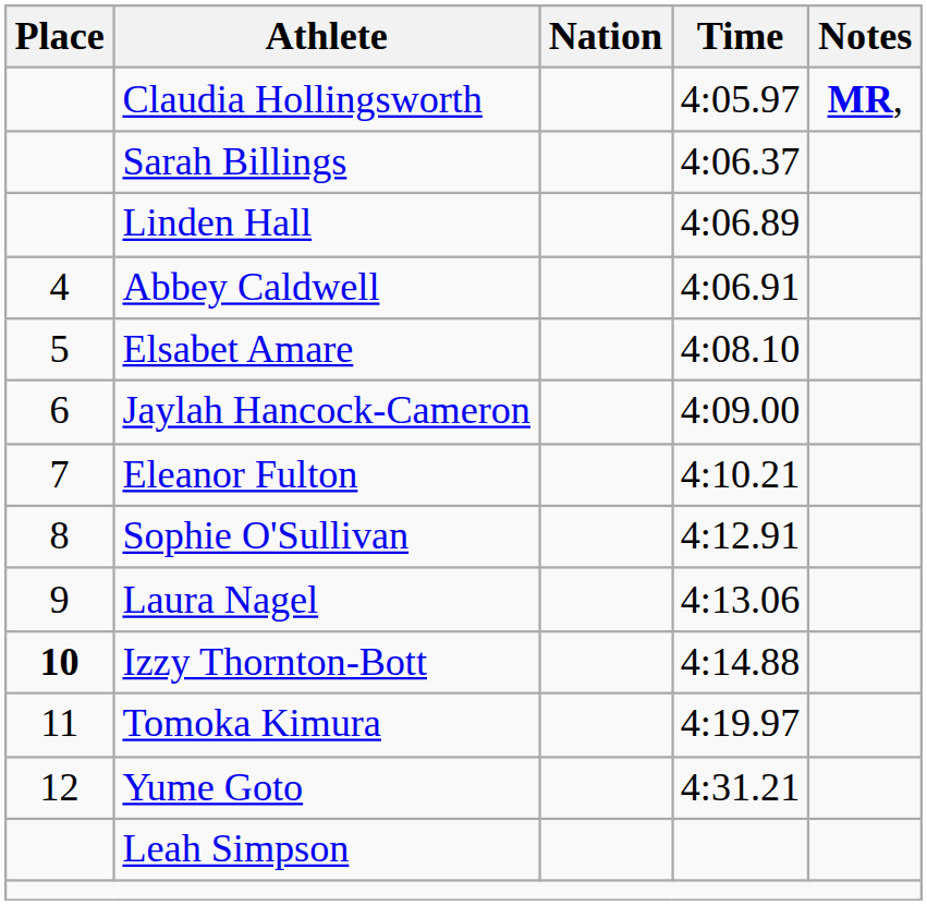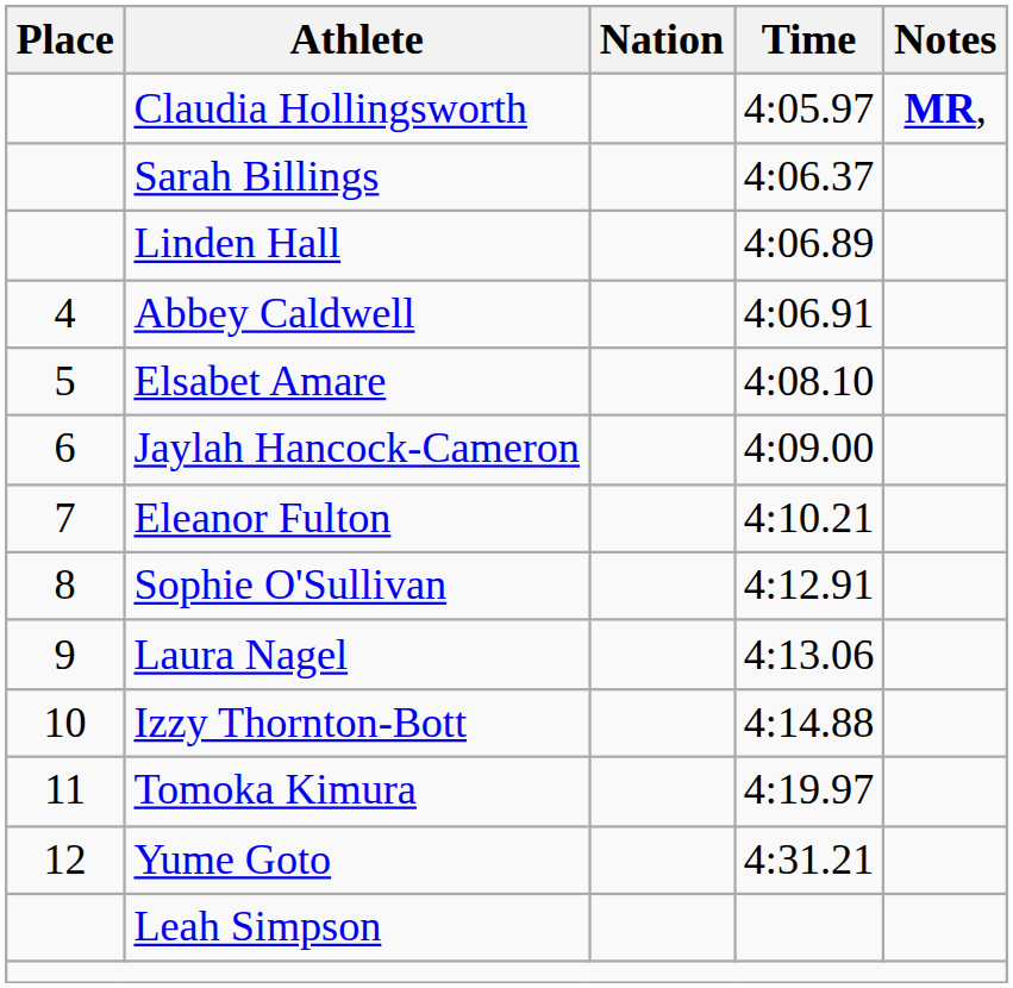 <table class="wikitable mw-datatable sortable" style="text-align:center;">
 <tr>
 <th scope="col">Place</th>
 <th scope="col">Athlete</th>
 <th scope="col">Nation</th>
 <th scope="col">Time</th>
 <th scope="col">Notes</th>
 </tr>
 <tr>
 <td></td>
 <td align="left"><a href='#'>Claudia Hollingsworth</a></td>
 <td align="left"></td>
 <td>4:05.97</td>
 <td><strong><a href='#'>MR</a></strong>, </td>
 </tr>
 <tr>
 <td></td>
 <td align="left"><a href='#'>Sarah Billings</a></td>
 <td align="left"></td>
 <td>4:06.37</td>
 <td></td>
 </tr>
 <tr>
 <td></td>
 <td align="left"><a href='#'>Linden Hall</a></td>
 <td align="left"></td>
 <td>4:06.89</td>
 <td></td>
 </tr>
 <tr>
 <td>4</td>
 <td align="left"><a href='#'>Abbey Caldwell</a></td>
 <td align="left"></td>
 <td>4:06.91</td>
 <td></td>
 </tr>
 <tr>
 <td>5</td>
 <td align="left"><a href='#'>Elsabet Amare</a></td>
 <td align="left"></td>
 <td>4:08.10</td>
 <td></td>
 </tr>
 <tr>
 <td>6</td>
 <td align="left"><a href='#'>Jaylah Hancock-Cameron</a></td>
 <td align="left"></td>
 <td>4:09.00</td>
 <td></td>
 </tr>
 <tr>
 <td>7</td>
 <td align="left"><a href='#'>Eleanor Fulton</a></td>
 <td align="left"></td>
 <td>4:10.21</td>
 <td></td>
 </tr>
 <tr>
 <td>8</td>
 <td align="left"><a href='#'>Sophie O'Sullivan</a></td>
 <td align="left"></td>
 <td>4:12.91</td>
 <td></td>
 </tr>
 <tr>
 <td>9</td>
 <td align="left"><a href='#'>Laura Nagel</a></td>
 <td align="left"></td>
 <td>4:13.06</td>
 <td></td>
 </tr>
 <tr>
-<td><strong>10</strong></td>
+<td>10</td>
 <td align="left"><a href='#'>Izzy Thornton-Bott</a></td>
 <td align="left"></td>
 <td>4:14.88</td>
 <td></td>
 </tr>
 <tr>
 <td>11</td>
 <td align="left"><a href='#'>Tomoka Kimura</a></td>
 <td align="left"></td>
 <td>4:19.97</td>
 <td></td>
 </tr>
 <tr>
 <td>12</td>
 <td align="left"><a href='#'>Yume Goto</a></td>
 <td align="left"></td>
 <td>4:31.21</td>
 <td></td>
 </tr>
 <tr>
 <td></td>
 <td align="left"><a href='#'>Leah Simpson</a></td>
 <td align="left"></td>
 <td></td>
 <td></td>
 </tr>
 <tr class="sortbottom">
 <td colspan="5"></td>
 </tr>
 </table>
